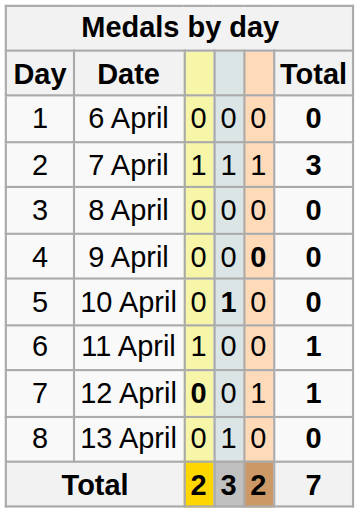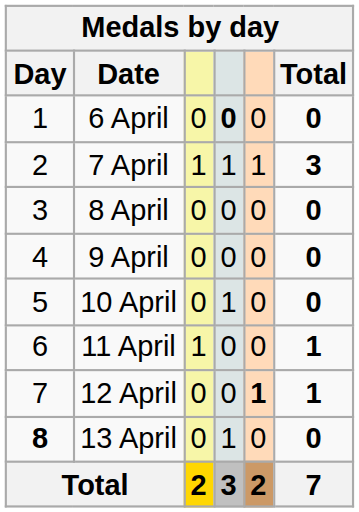 <table class=wikitable style=font-size:85%;float:right;text-align:center>
 <tr style="background:#efefef;">
 <th colspan=6>Medals by day</th>
 </tr>
 <tr>
 <th>Day</th>
 <th>Date</th>
 <td bgcolor=F7F6A8></td>
 <td bgcolor=DCE5E5></td>
 <td bgcolor=FFDAB9></td>
 <th>Total</th>
 </tr>
 <tr>
 <td>1</td>
 <td>6 April</td>
 <td bgcolor=F7F6A8>0</td>
-<td bgcolor=DCE5E5>0</td>
+<td bgcolor=DCE5E5><strong>0</strong></td>
 <td bgcolor=FFDAB9>0</td>
 <td><strong>0</strong></td>
 </tr>
 <tr style="text-align:center">
 <td>2</td>
 <td>7 April</td>
 <td bgcolor=F7F6A8>1</td>
 <td bgcolor=DCE5E5>1</td>
 <td bgcolor=FFDAB9>1</td>
 <td><strong>3</strong></td>
 </tr>
 <tr style="text-align:center">
 <td>3</td>
 <td>8 April</td>
 <td bgcolor=F7F6A8>0</td>
 <td bgcolor=DCE5E5>0</td>
 <td bgcolor=FFDAB9>0</td>
 <td><strong>0</strong></td>
 </tr>
 <tr style="text-align:center">
 <td>4</td>
 <td>9 April</td>
 <td bgcolor=F7F6A8>0</td>
 <td bgcolor=DCE5E5>0</td>
-<td bgcolor=FFDAB9><strong>0</strong></td>
+<td bgcolor=FFDAB9>0</td>
 <td><strong>0</strong></td>
 </tr>
 <tr style="text-align:center">
 <td>5</td>
 <td>10 April</td>
 <td bgcolor=F7F6A8>0</td>
-<td bgcolor=DCE5E5><strong>1</strong></td>
+<td bgcolor=DCE5E5>1</td>
 <td bgcolor=FFDAB9>0</td>
 <td><strong>0</strong></td>
 </tr>
 <tr style="text-align:center">
 <td>6</td>
 <td>11 April</td>
 <td bgcolor=F7F6A8>1</td>
 <td bgcolor=DCE5E5>0</td>
 <td bgcolor=FFDAB9>0</td>
 <td><strong>1</strong></td>
 </tr>
 <tr style="text-align:center">
 <td>7</td>
 <td>12 April</td>
-<td bgcolor=F7F6A8><strong>0</strong></td>
+<td bgcolor=F7F6A8>0</td>
 <td bgcolor=DCE5E5>0</td>
-<td bgcolor=FFDAB9>1</td>
+<td bgcolor=FFDAB9><strong>1</strong></td>
 <td><strong>1</strong></td>
 </tr>
 <tr style="text-align:center">
-<td>8</td>
+<td><strong>8</strong></td>
 <td>13 April</td>
 <td bgcolor=F7F6A8>0</td>
 <td bgcolor=DCE5E5>1</td>
 <td bgcolor=FFDAB9>0</td>
 <td><strong>0</strong></td>
 </tr>
 <tr>
 <th colspan=2>Total</th>
 <th style="background:gold">2</th>
 <th style="background:silver">3</th>
 <th style="background:#c96">2</th>
 <th>7</th>
 </tr>
 </table>
